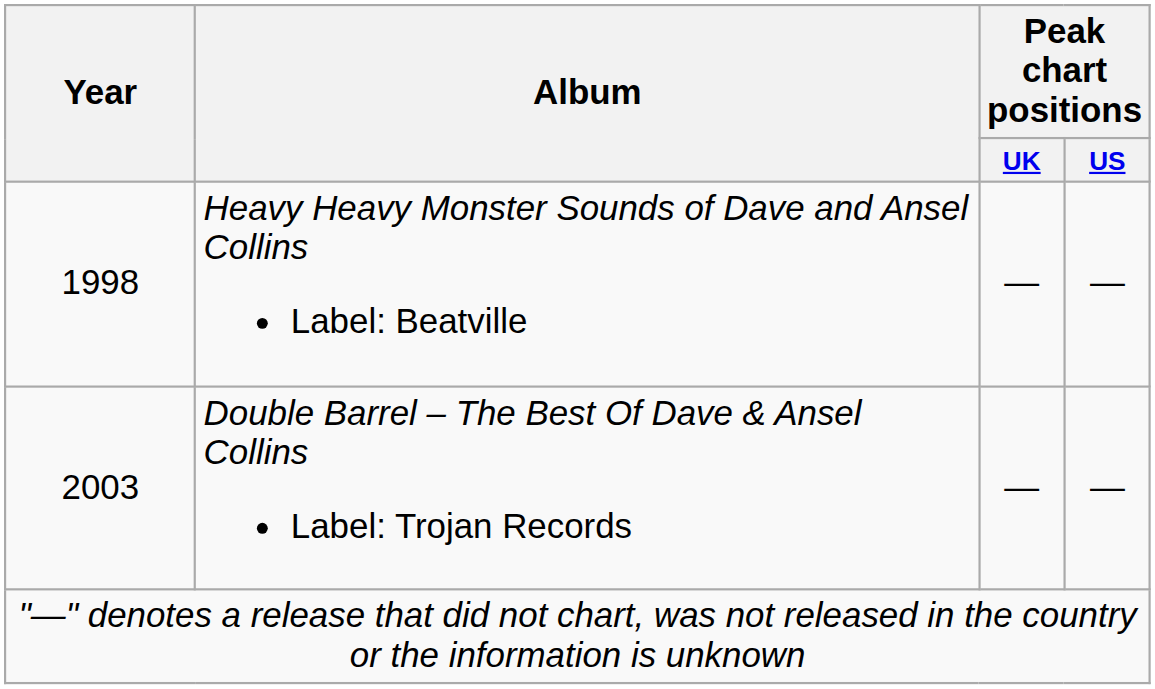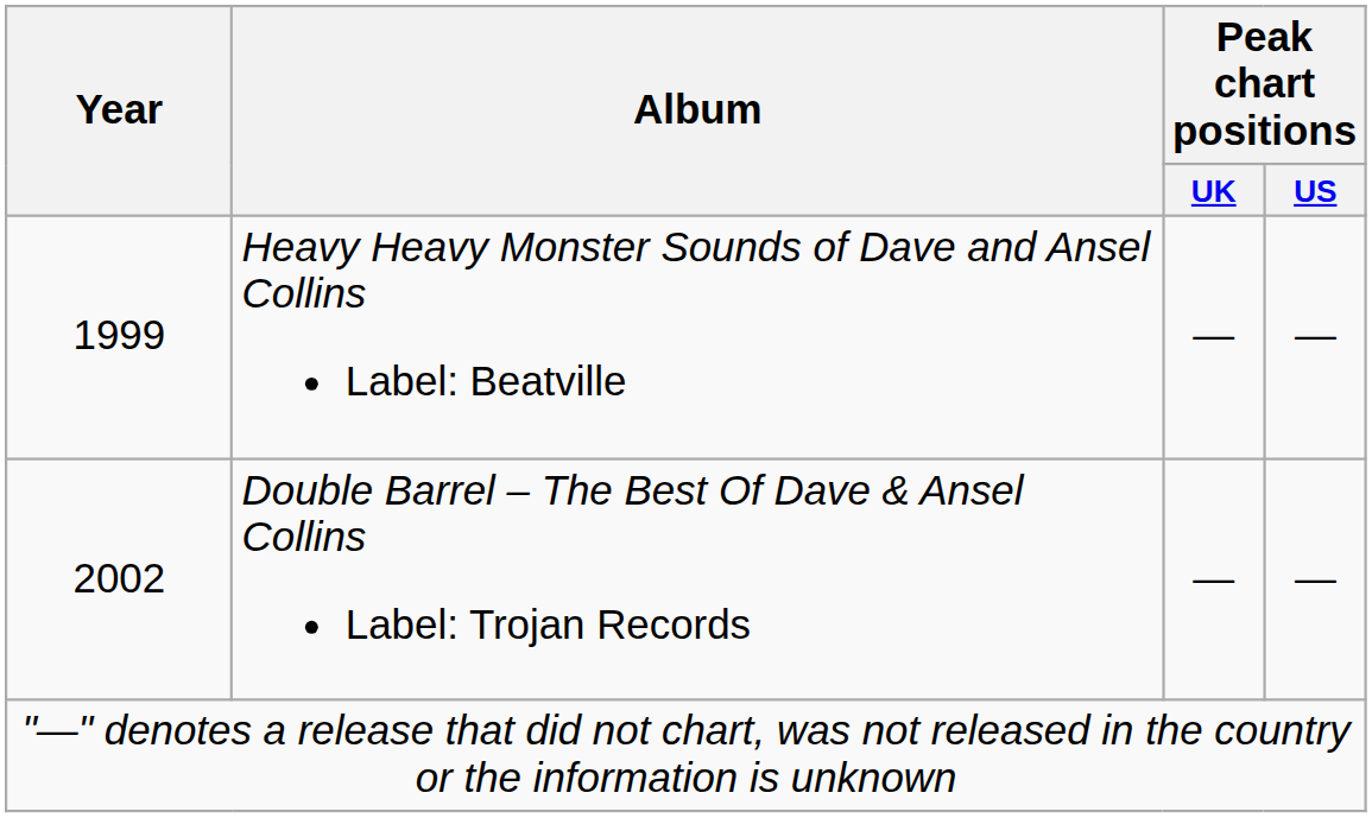 <table class="wikitable" style="text-align:center;">
 <tr>
 <th rowspan="2" style="width: 5em">Year</th>
 <th rowspan="2" style="width: 22em">Album</th>
 <th colspan="2">Peak chart positions</th>
 </tr>
 <tr>
 <th style="width:2.5em;font-size:75%;"><a href='#'>UK</a><br></th>
 <th style="width:2.5em;font-size:75%;"><a href='#'>US</a><br></th>
 </tr>
 <tr>
-<td>1998</td>
+<td>1999</td>
 <td style="text-align: left"><em>Heavy Heavy Monster Sounds of Dave and Ansel Collins</em><br><ul><li>Label: Beatville</li></ul></td>
 <td>—</td>
 <td>—</td>
 </tr>
 <tr>
-<td>2003</td>
+<td>2002</td>
 <td style="text-align: left"><em>Double Barrel – The Best Of Dave & Ansel Collins</em><br><ul><li>Label: Trojan Records</li></ul></td>
 <td>—</td>
 <td>—</td>
 </tr>
 <tr>
 <td colspan="4"><em>"—" denotes a release that did not chart, was not released in the country or the information is unknown</em></td>
 </tr>
 </table>
